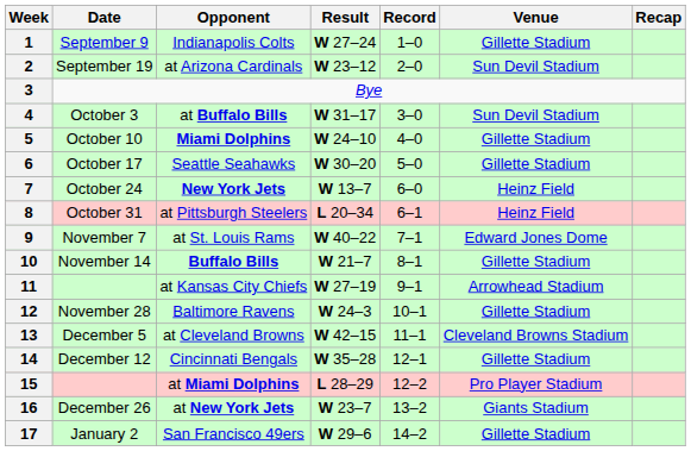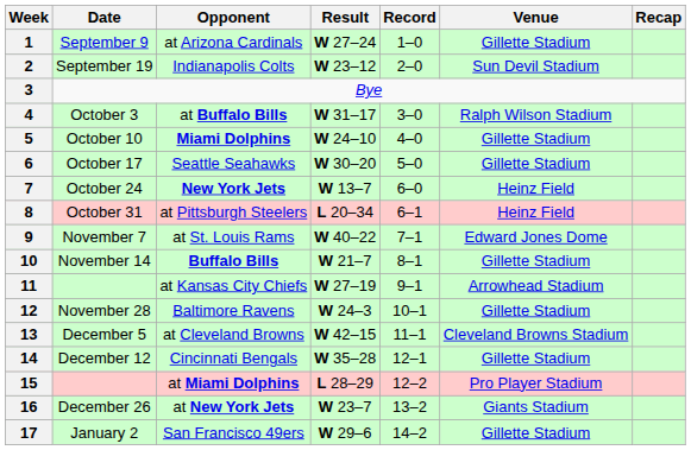 <table class="wikitable" style="text-align:center">
 <tr>
 <th>Week</th>
 <th>Date</th>
 <th>Opponent</th>
 <th>Result</th>
 <th>Record</th>
 <th>Venue</th>
 <th>Recap</th>
 </tr>
 <tr style="background: #cfc;">
 <th>1</th>
 <td><a href='#'>September 9</a></td>
-<td><a href='#'>Indianapolis Colts</a></td>
+<td>at <a href='#'>Arizona Cardinals</a></td>
 <td><strong>W</strong> 27–24</td>
 <td>1–0</td>
 <td><a href='#'>Gillette Stadium</a></td>
 <td></td>
 </tr>
 <tr style="background: #cfc;">
 <th>2</th>
 <td>September 19</td>
-<td>at <a href='#'>Arizona Cardinals</a></td>
+<td><a href='#'>Indianapolis Colts</a></td>
 <td><strong>W</strong> 23–12</td>
 <td>2–0</td>
 <td><a href='#'>Sun Devil Stadium</a></td>
 <td></td>
 </tr>
 <tr align="center">
 <th>3</th>
 <td colspan="8" align="center"><em><a href='#'>Bye</a></em></td>
 </tr>
 <tr style="background: #cfc;">
 <th>4</th>
 <td>October 3</td>
 <td>at <strong><a href='#'>Buffalo Bills</a></strong></td>
 <td><strong>W</strong> 31–17</td>
 <td>3–0</td>
-<td><a href='#'>Sun Devil Stadium</a></td>
+<td><a href='#'>Ralph Wilson Stadium</a></td>
 <td></td>
 </tr>
 <tr style="background: #cfc;">
 <th>5</th>
 <td>October 10</td>
 <td><strong><a href='#'>Miami Dolphins</a></strong></td>
 <td><strong>W</strong> 24–10</td>
 <td>4–0</td>
 <td><a href='#'>Gillette Stadium</a></td>
 <td></td>
 </tr>
 <tr style="background: #cfc;">
 <th>6</th>
 <td>October 17</td>
 <td><a href='#'>Seattle Seahawks</a></td>
 <td><strong>W</strong> 30–20</td>
 <td>5–0</td>
 <td><a href='#'>Gillette Stadium</a></td>
 <td></td>
 </tr>
 <tr style="background: #cfc;">
 <th>7</th>
 <td>October 24</td>
 <td><strong><a href='#'>New York Jets</a></strong></td>
 <td><strong>W</strong> 13–7</td>
 <td>6–0</td>
 <td><a href='#'>Heinz Field</a></td>
 <td></td>
 </tr>
 <tr style="background: #fcc;">
 <th>8</th>
 <td>October 31</td>
 <td>at <a href='#'>Pittsburgh Steelers</a></td>
 <td><strong>L</strong> 20–34</td>
 <td>6–1</td>
 <td><a href='#'>Heinz Field</a></td>
 <td></td>
 </tr>
 <tr style="background: #cfc;">
 <th>9</th>
 <td>November 7</td>
 <td>at <a href='#'>St. Louis Rams</a></td>
 <td><strong>W</strong> 40–22</td>
 <td>7–1</td>
 <td><a href='#'>Edward Jones Dome</a></td>
 <td></td>
 </tr>
 <tr style="background: #cfc;">
 <th>10</th>
 <td>November 14</td>
 <td><strong><a href='#'>Buffalo Bills</a></strong></td>
 <td><strong>W</strong> 21–7</td>
 <td>8–1</td>
 <td><a href='#'>Gillette Stadium</a></td>
 <td></td>
 </tr>
 <tr style="background: #cfc;">
 <th>11</th>
 <td></td>
 <td>at <a href='#'>Kansas City Chiefs</a></td>
 <td><strong>W</strong> 27–19</td>
 <td>9–1</td>
 <td><a href='#'>Arrowhead Stadium</a></td>
 <td></td>
 </tr>
 <tr style="background: #cfc;">
 <th>12</th>
 <td>November 28</td>
 <td><a href='#'>Baltimore Ravens</a></td>
 <td><strong>W</strong> 24–3</td>
 <td>10–1</td>
 <td><a href='#'>Gillette Stadium</a></td>
 <td></td>
 </tr>
 <tr style="background: #cfc;">
 <th>13</th>
 <td>December 5</td>
 <td>at <a href='#'>Cleveland Browns</a></td>
 <td><strong>W</strong> 42–15</td>
 <td>11–1</td>
 <td><a href='#'>Cleveland Browns Stadium</a></td>
 <td></td>
 </tr>
 <tr style="background: #cfc;">
 <th>14</th>
 <td>December 12</td>
 <td><a href='#'>Cincinnati Bengals</a></td>
 <td><strong>W</strong> 35–28</td>
 <td>12–1</td>
 <td><a href='#'>Gillette Stadium</a></td>
 <td></td>
 </tr>
 <tr style="background: #fcc;">
 <th>15</th>
 <td></td>
 <td>at <strong><a href='#'>Miami Dolphins</a></strong></td>
 <td><strong>L</strong> 28–29</td>
 <td>12–2</td>
 <td><a href='#'>Pro Player Stadium</a></td>
 <td></td>
 </tr>
 <tr style="background: #cfc;">
 <th>16</th>
 <td>December 26</td>
 <td>at <strong><a href='#'>New York Jets</a></strong></td>
 <td><strong>W</strong> 23–7</td>
 <td>13–2</td>
 <td><a href='#'>Giants Stadium</a></td>
 <td></td>
 </tr>
 <tr style="background: #cfc;">
 <th>17</th>
 <td>January 2</td>
 <td><a href='#'>San Francisco 49ers</a></td>
 <td><strong>W</strong> 29–6</td>
 <td>14–2</td>
 <td><a href='#'>Gillette Stadium</a></td>
 <td></td>
 </tr>
 </table>
